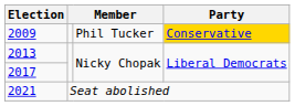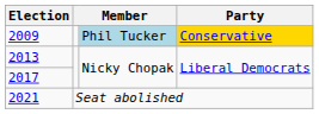 <table class="wikitable">
 <tr>
 <th>Election</th>
 <th colspan="2">Member</th>
 <th>Party</th>
 </tr>
 <tr>
 <td><a href='#'>2009</a></td>
 <td rowspan="1" style="background-color: "></td>
-<td rowspan="1">Phil Tucker</td>
+<td rowspan="1" style="background: lightblue;">Phil Tucker</td>
 <td rowspan="1" style="background: gold;"><a href='#'>Conservative</a></td>
 </tr>
 <tr>
 <td><a href='#'>2013</a></td>
 <td rowspan="2" style="background-color: "></td>
 <td rowspan="2">Nicky Chopak</td>
 <td rowspan="2"><a href='#'>Liberal Democrats</a></td>
 </tr>
 <tr>
 <td><a href='#'>2017</a></td>
 </tr>
 <tr>
 <td><a href='#'>2021</a></td>
 <td colspan="3"><em>Seat abolished</em></td>
 </tr>
 </table>
